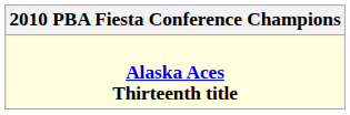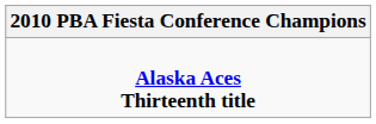 <table class=wikitable style="text-align:center; margin:auto">
 <tr>
 <th>2010 PBA Fiesta Conference Champions</th>
 </tr>
 <tr>
-<td style="background: lightyellow;"><br> <strong><a href='#'>Alaska Aces</a></strong> <br> <strong>Thirteenth title</strong></td>
+<td><br> <strong><a href='#'>Alaska Aces</a></strong> <br> <strong>Thirteenth title</strong></td>
 </tr>
 </table>
